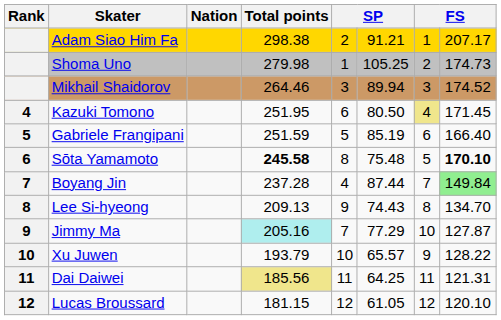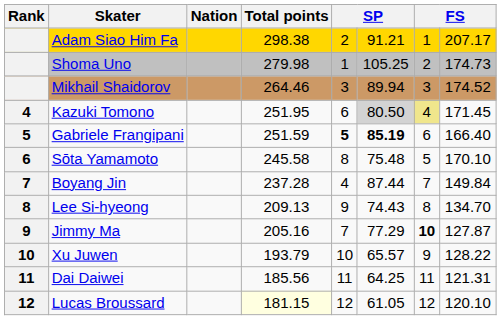 <table class="wikitable sortable" style="text-align:left">
 <tr>
 <th scope="col">Rank</th>
 <th scope="col">Skater</th>
 <th scope="col">Nation</th>
 <th scope="col">Total points</th>
 <th scope="col" colspan="2" width="80px"><a href='#'>SP</a></th>
 <th scope="col" colspan="2" width="80px"><a href='#'>FS</a></th>
 </tr>
 <tr bgcolor="gold">
 <th scope="row"></th>
 <td><a href='#'>Adam Siao Him Fa</a></td>
 <td></td>
 <td align="center">298.38</td>
 <td align="center">2</td>
 <td align="center">91.21</td>
 <td align="center">1</td>
 <td align="center">207.17</td>
 </tr>
 <tr bgcolor="silver">
 <th scope="row"></th>
 <td><a href='#'>Shoma Uno</a></td>
 <td></td>
 <td align="center">279.98</td>
 <td align="center">1</td>
 <td align="center">105.25</td>
 <td align="center">2</td>
 <td align="center">174.73</td>
 </tr>
 <tr bgcolor="cc9966">
 <th scope="row"></th>
 <td><a href='#'>Mikhail Shaidorov</a></td>
 <td></td>
 <td align="center">264.46</td>
 <td align="center">3</td>
 <td align="center">89.94</td>
 <td align="center">3</td>
 <td align="center">174.52</td>
 </tr>
 <tr>
 <th scope="row">4</th>
 <td><a href='#'>Kazuki Tomono</a></td>
 <td></td>
 <td align="center">251.95</td>
 <td align="center">6</td>
-<td align="center">80.50</td>
+<td align="center" style="background: lightgrey;">80.50</td>
 <td align="center" style="background: khaki;">4</td>
 <td align="center">171.45</td>
 </tr>
 <tr>
 <th scope="row">5</th>
 <td><a href='#'>Gabriele Frangipani</a></td>
 <td></td>
 <td align="center">251.59</td>
-<td align="center">5</td>
-<td align="center">85.19</td>
+<td align="center"><strong>5</strong></td>
+<td align="center"><strong>85.19</strong></td>
 <td align="center">6</td>
 <td align="center">166.40</td>
 </tr>
 <tr>
 <th scope="row">6</th>
 <td><a href='#'>Sōta Yamamoto</a></td>
 <td></td>
-<td align="center"><strong>245.58</strong></td>
+<td align="center">245.58</td>
 <td align="center">8</td>
 <td align="center">75.48</td>
 <td align="center">5</td>
-<td align="center"><strong>170.10</strong></td>
+<td align="center">170.10</td>
 </tr>
 <tr>
 <th scope="row">7</th>
 <td><a href='#'>Boyang Jin</a></td>
 <td></td>
 <td align="center">237.28</td>
 <td align="center">4</td>
 <td align="center">87.44</td>
 <td align="center">7</td>
-<td align="center" style="background: lightgreen;">149.84</td>
+<td align="center">149.84</td>
 </tr>
 <tr>
 <th scope="row">8</th>
 <td><a href='#'>Lee Si-hyeong</a></td>
 <td></td>
 <td align="center">209.13</td>
 <td align="center">9</td>
 <td align="center">74.43</td>
 <td align="center">8</td>
 <td align="center">134.70</td>
 </tr>
 <tr>
 <th scope="row">9</th>
 <td><a href='#'>Jimmy Ma</a></td>
 <td></td>
-<td align="center" style="background: paleturquoise;">205.16</td>
+<td align="center">205.16</td>
 <td align="center">7</td>
 <td align="center">77.29</td>
-<td align="center">10</td>
+<td align="center"><strong>10</strong></td>
 <td align="center">127.87</td>
 </tr>
 <tr>
 <th scope="row">10</th>
 <td><a href='#'>Xu Juwen</a></td>
 <td></td>
 <td align="center">193.79</td>
 <td align="center">10</td>
 <td align="center">65.57</td>
 <td align="center">9</td>
 <td align="center">128.22</td>
 </tr>
 <tr>
 <th scope="row">11</th>
 <td><a href='#'>Dai Daiwei</a></td>
 <td></td>
-<td align="center" style="background: khaki;">185.56</td>
+<td align="center">185.56</td>
 <td align="center">11</td>
 <td align="center">64.25</td>
 <td align="center">11</td>
 <td align="center">121.31</td>
 </tr>
 <tr>
 <th scope="row">12</th>
 <td><a href='#'>Lucas Broussard</a></td>
 <td></td>
-<td align="center">181.15</td>
+<td align="center" style="background: lightyellow;">181.15</td>
 <td align="center">12</td>
 <td align="center">61.05</td>
 <td align="center">12</td>
 <td align="center">120.10</td>
 </tr>
 </table>
